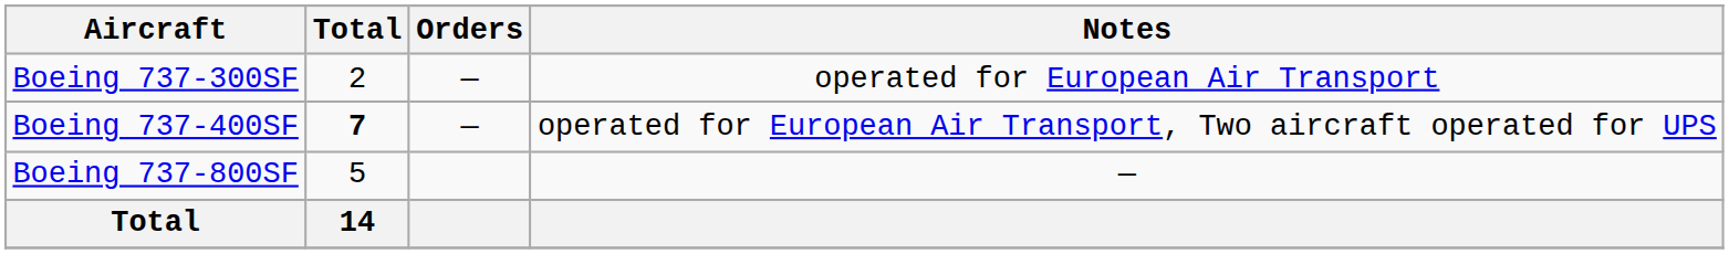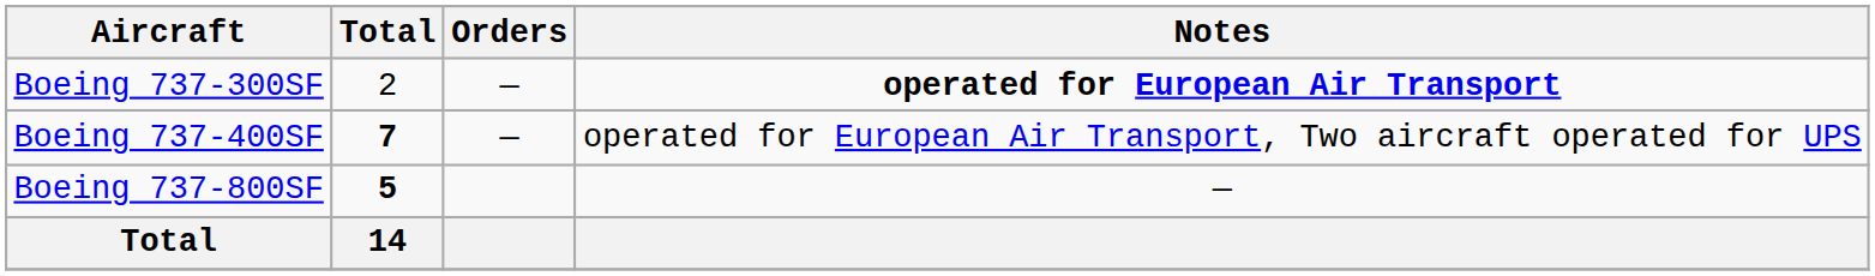 <table class="wikitable" style="text-align:center;">
 <tr>
 </tr>
 <tr>
 <th>Aircraft</th>
 <th>Total</th>
 <th>Orders</th>
 <th>Notes</th>
 </tr>
 <tr>
 <td><a href='#'>Boeing 737-300SF</a></td>
 <td>2</td>
 <td>—</td>
-<td>operated for <a href='#'>European Air Transport</a></td>
+<td><strong>operated for <a href='#'>European Air Transport</a></strong></td>
 </tr>
 <tr>
 <td><a href='#'>Boeing 737-400SF</a></td>
 <td><strong>7</strong></td>
 <td>—</td>
 <td>operated for <a href='#'>European Air Transport</a>, Two aircraft operated for <a href='#'>UPS</a></td>
 </tr>
 <tr>
 <td><a href='#'>Boeing 737-800SF</a></td>
-<td>5</td>
+<td><strong>5</strong></td>
 <td></td>
 <td>—</td>
 </tr>
 <tr>
 <th>Total</th>
 <th>14</th>
 <th></th>
 <th colspan="6"></th>
 </tr>
 <tr>
 </tr>
 </table>
